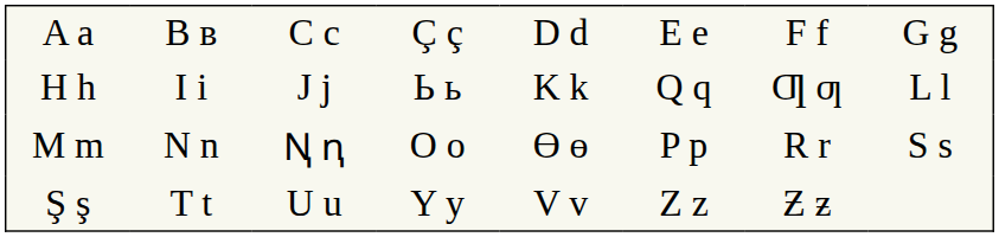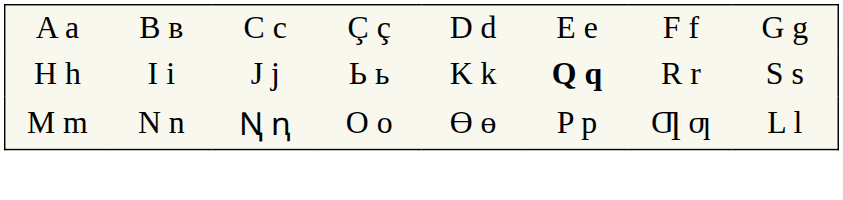 <table style="font-family:Arial Unicode MS; font-size:1.4em; border-color:#000000; border-width:1px; border-style:solid; border-collapse:collapse; background-color:#F8F8EF">
 <tr>
 <td style="width:3em; text-align:center; padding: 3px;">A a</td>
 <td style="width:3em; text-align:center; padding: 3px;">B ʙ</td>
 <td style="width:3em; text-align:center; padding: 3px;">C c</td>
 <td style="width:3em; text-align:center; padding: 3px;">Ç ç</td>
 <td style="width:3em; text-align:center; padding: 3px;">D d</td>
 <td style="width:3em; text-align:center; padding: 3px;">E e</td>
 <td style="width:3em; text-align:center; padding: 3px;">F f</td>
 <td style="width:3em; text-align:center; padding: 3px;">G g</td>
 </tr>
 <tr>
 <td style="width:3em; text-align:center; padding: 3px;">H h</td>
 <td style="width:3em; text-align:center; padding: 3px;">I i</td>
 <td style="width:3em; text-align:center; padding: 3px;">J j</td>
 <td style="width:3em; text-align:center; padding: 3px;">Ь ь</td>
 <td style="width:3em; text-align:center; padding: 3px;">K k</td>
-<td style="width:3em; text-align:center; padding: 3px;">Q q</td>
-<td style="width:3em; text-align:center; padding: 3px;">Ƣ ƣ</td>
-<td style="width:3em; text-align:center; padding: 3px;">L l</td>
+<td style="width:3em; text-align:center; padding: 3px;"><strong>Q q</strong></td>
+<td style="width:3em; text-align:center; padding: 3px;">R r</td>
+<td style="width:3em; text-align:center; padding: 3px;">S s</td>
 </tr>
 <tr>
 <td style="width:3em; text-align:center; padding: 3px;">M m</td>
 <td style="width:3em; text-align:center; padding: 3px;">N n</td>
 <td style="width:3em; text-align:center; padding: 3px;">Ꞑ ꞑ</td>
 <td style="width:3em; text-align:center; padding: 3px;">O o</td>
 <td style="width:3em; text-align:center; padding: 3px;">Ɵ ɵ</td>
 <td style="width:3em; text-align:center; padding: 3px;">P p</td>
-<td style="width:3em; text-align:center; padding: 3px;">R r</td>
-<td style="width:3em; text-align:center; padding: 3px;">S s</td>
-</tr>
-<tr>
-<td style="width:3em; text-align:center; padding: 3px;">Ş ş</td>
-<td style="width:3em; text-align:center; padding: 3px;">T t</td>
-<td style="width:3em; text-align:center; padding: 3px;">U u</td>
-<td style="width:3em; text-align:center; padding: 3px;">Y y</td>
-<td style="width:3em; text-align:center; padding: 3px;">V v</td>
-<td style="width:3em; text-align:center; padding: 3px;">Z z</td>
-<td style="width:3em; text-align:center; padding: 3px;">Ƶ ƶ</td>
-<td></td>
+<td style="width:3em; text-align:center; padding: 3px;">Ƣ ƣ</td>
+<td style="width:3em; text-align:center; padding: 3px;">L l</td>
 </tr>
 </table>
